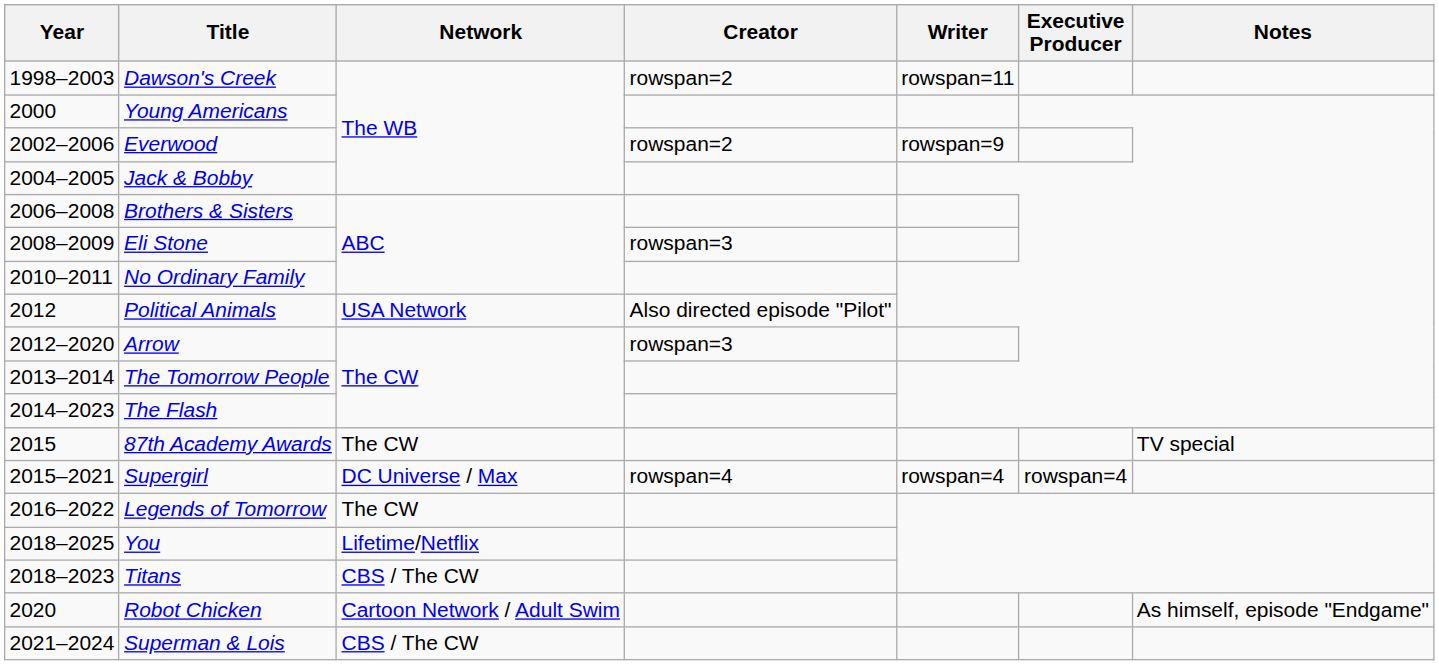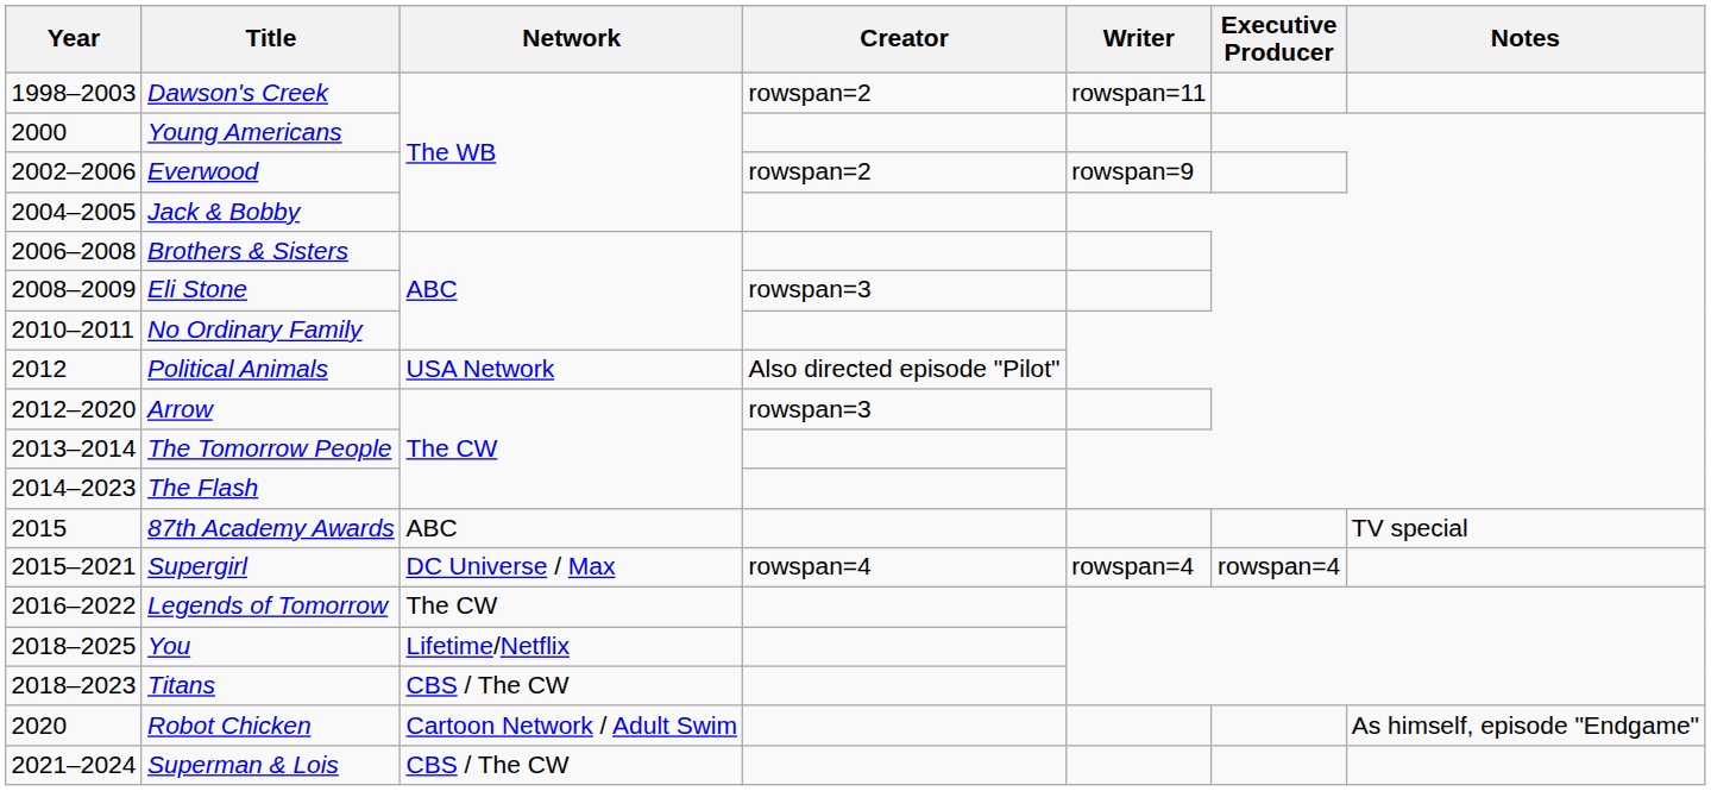 <table class="wikitable">
 <tr style="background:#b0c4de; text-align:center;">
 <th>Year</th>
 <th>Title</th>
 <th>Network</th>
 <th>Creator</th>
 <th>Writer</th>
 <th>Executive<br>Producer</th>
 <th>Notes</th>
 </tr>
 <tr>
 <td>1998–2003</td>
 <td><em><a href='#'>Dawson's Creek</a></em></td>
 <td rowspan=4><a href='#'>The WB</a></td>
 <td>rowspan=2 </td>
 <td>rowspan=11 </td>
 <td></td>
 <td></td>
 </tr>
 <tr>
 <td>2000</td>
 <td><em><a href='#'>Young Americans</a></em></td>
 <td></td>
 <td></td>
 </tr>
 <tr>
 <td>2002–2006</td>
 <td><em><a href='#'>Everwood</a></em></td>
 <td>rowspan=2 </td>
 <td>rowspan=9 </td>
 <td></td>
 </tr>
 <tr>
 <td>2004–2005</td>
 <td><em><a href='#'>Jack & Bobby</a></em></td>
 <td></td>
 </tr>
 <tr>
 <td>2006–2008</td>
 <td><em><a href='#'>Brothers & Sisters</a></em></td>
 <td rowspan=3><a href='#'>ABC</a></td>
 <td></td>
 <td></td>
 </tr>
 <tr>
 <td>2008–2009</td>
 <td><em><a href='#'>Eli Stone</a></em></td>
 <td>rowspan=3 </td>
 <td></td>
 </tr>
 <tr>
 <td>2010–2011</td>
 <td><em><a href='#'>No Ordinary Family</a></em></td>
 <td></td>
 </tr>
 <tr>
 <td>2012</td>
 <td><em><a href='#'>Political Animals</a></em></td>
 <td><a href='#'>USA Network</a></td>
 <td>Also directed episode "Pilot"</td>
 </tr>
 <tr>
 <td>2012–2020</td>
 <td><em><a href='#'>Arrow</a></em></td>
 <td rowspan=3><a href='#'>The CW</a></td>
 <td>rowspan=3 </td>
 <td></td>
 </tr>
 <tr>
 <td>2013–2014</td>
 <td><em><a href='#'>The Tomorrow People</a></em></td>
 <td></td>
 </tr>
 <tr>
 <td>2014–2023</td>
 <td><em><a href='#'>The Flash</a></em></td>
 <td></td>
 </tr>
 <tr>
 <td>2015</td>
 <td><em><a href='#'>87th Academy Awards</a></em></td>
-<td>The CW</td>
+<td>ABC</td>
 <td></td>
 <td></td>
 <td></td>
 <td>TV special</td>
 </tr>
 <tr>
 <td>2015–2021</td>
 <td><em><a href='#'>Supergirl</a></em></td>
 <td><a href='#'>DC Universe</a> / <a href='#'>Max</a></td>
 <td>rowspan=4 </td>
 <td>rowspan=4 </td>
 <td>rowspan=4 </td>
 <td></td>
 </tr>
 <tr>
 <td>2016–2022</td>
 <td><em><a href='#'>Legends of Tomorrow</a></em></td>
 <td>The CW</td>
 <td></td>
 </tr>
 <tr>
 <td rowspan=1>2018–2025</td>
 <td><em><a href='#'>You</a></em></td>
 <td><a href='#'>Lifetime</a>/<a href='#'>Netflix</a></td>
 <td></td>
 </tr>
 <tr>
 <td>2018–2023</td>
 <td><em><a href='#'>Titans</a></em></td>
 <td><a href='#'>CBS</a> / The CW</td>
 <td></td>
 </tr>
 <tr>
 <td>2020</td>
 <td><em><a href='#'>Robot Chicken</a></em></td>
 <td><a href='#'>Cartoon Network</a> / <a href='#'>Adult Swim</a></td>
 <td></td>
 <td></td>
 <td></td>
 <td>As himself, episode "Endgame"</td>
 </tr>
 <tr>
 <td>2021–2024</td>
 <td><em><a href='#'>Superman & Lois</a></em></td>
 <td><a href='#'>CBS</a> / The CW</td>
 <td></td>
 <td></td>
 <td></td>
 <td></td>
 </tr>
 </table>
